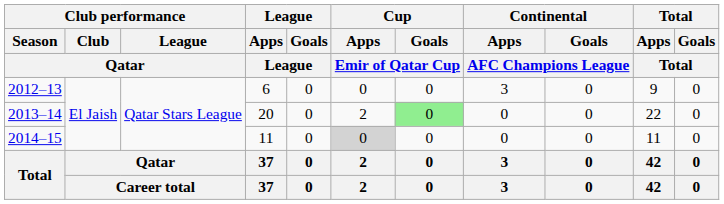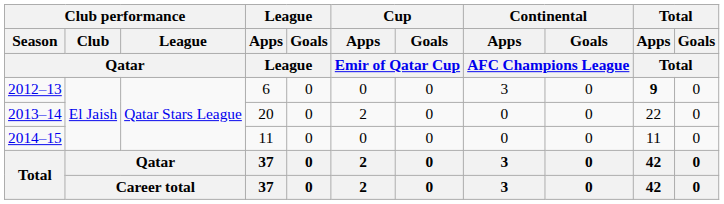 <table class="wikitable" style="text-align:center">
 <tr>
 <th colspan=3>Club performance</th>
 <th colspan=2>League</th>
 <th colspan=2>Cup</th>
 <th colspan=2>Continental</th>
 <th colspan=2>Total</th>
 </tr>
 <tr>
 <th>Season</th>
 <th>Club</th>
 <th>League</th>
 <th>Apps</th>
 <th>Goals</th>
 <th>Apps</th>
 <th>Goals</th>
 <th>Apps</th>
 <th>Goals</th>
 <th>Apps</th>
 <th>Goals</th>
 </tr>
 <tr>
 <th colspan=3>Qatar</th>
 <th colspan=2>League</th>
 <th colspan=2><a href='#'>Emir of Qatar Cup</a></th>
 <th colspan=2><a href='#'>AFC Champions League</a></th>
 <th colspan=2>Total</th>
 </tr>
 <tr>
 <td><a href='#'>2012–13</a></td>
 <td rowspan="3"><a href='#'>El Jaish</a></td>
 <td rowspan="3"><a href='#'>Qatar Stars League</a></td>
 <td>6</td>
 <td>0</td>
 <td>0</td>
 <td>0</td>
 <td>3</td>
 <td>0</td>
-<td>9</td>
+<td><strong>9</strong></td>
 <td>0</td>
 </tr>
 <tr>
 <td><a href='#'>2013–14</a></td>
 <td>20</td>
 <td>0</td>
 <td>2</td>
-<td style="background: lightgreen;">0</td>
+<td>0</td>
 <td>0</td>
 <td>0</td>
 <td>22</td>
 <td>0</td>
 </tr>
 <tr>
 <td><a href='#'>2014–15</a></td>
 <td>11</td>
 <td>0</td>
-<td style="background: lightgrey;">0</td>
+<td>0</td>
 <td>0</td>
 <td>0</td>
 <td>0</td>
 <td>11</td>
 <td>0</td>
 </tr>
 <tr>
 <th rowspan=2>Total</th>
 <th colspan=2>Qatar</th>
 <th>37</th>
 <th>0</th>
 <th>2</th>
 <th>0</th>
 <th>3</th>
 <th>0</th>
 <th>42</th>
 <th>0</th>
 </tr>
 <tr>
 <th colspan=2>Career total</th>
 <th>37</th>
 <th>0</th>
 <th>2</th>
 <th>0</th>
 <th>3</th>
 <th>0</th>
 <th>42</th>
 <th>0</th>
 </tr>
 </table>
